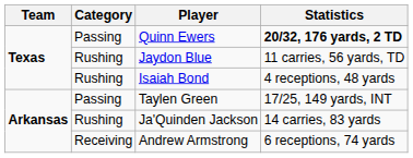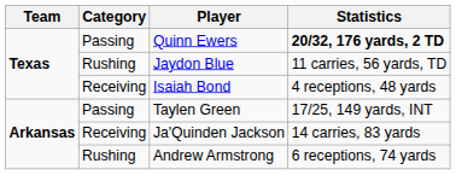 <table class="wikitable" style="float: right;">
 <tr>
 <th>Team</th>
 <th>Category</th>
 <th>Player</th>
 <th>Statistics</th>
 </tr>
 <tr>
 <td rowspan=3><strong>Texas</strong></td>
 <td>Passing</td>
 <td><a href='#'>Quinn Ewers</a></td>
 <td><strong>20/32, 176 yards, 2 TD</strong></td>
 </tr>
 <tr>
 <td>Rushing</td>
 <td><a href='#'>Jaydon Blue</a></td>
 <td>11 carries, 56 yards, TD</td>
 </tr>
 <tr>
-<td>Rushing</td>
+<td>Receiving</td>
 <td><a href='#'>Isaiah Bond</a></td>
 <td>4 receptions, 48 yards</td>
 </tr>
 <tr>
 <td rowspan=3><strong>Arkansas</strong></td>
 <td>Passing</td>
 <td>Taylen Green</td>
 <td>17/25, 149 yards, INT</td>
 </tr>
 <tr>
-<td>Rushing</td>
+<td>Receiving</td>
 <td>Ja'Quinden Jackson</td>
 <td>14 carries, 83 yards</td>
 </tr>
 <tr>
-<td>Receiving</td>
+<td>Rushing</td>
 <td>Andrew Armstrong</td>
 <td>6 receptions, 74 yards</td>
 </tr>
 </table>
